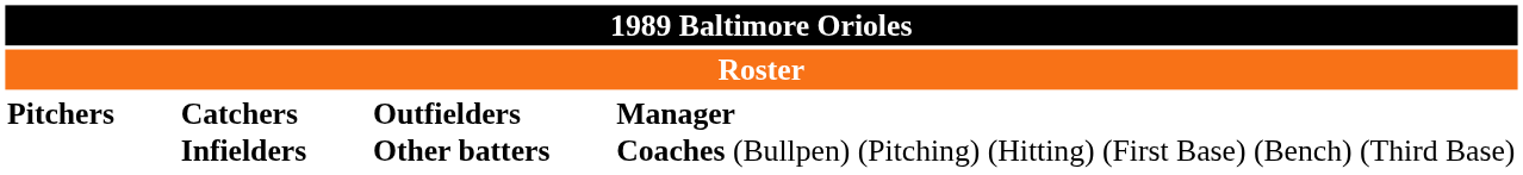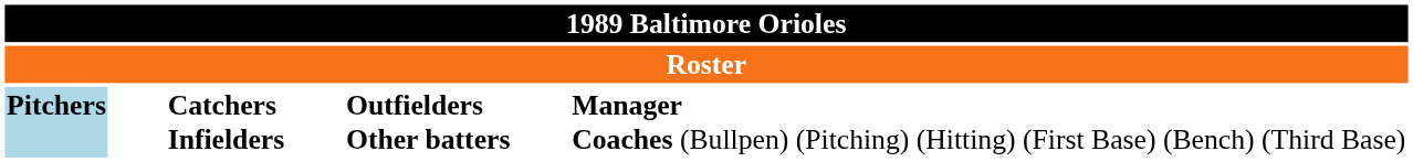 <table class="toccolours" style="font-size: 95%;">
 <tr>
 <th colspan="10" style="background-color: black; color: white; text-align: center;">1989 Baltimore Orioles</th>
 </tr>
 <tr>
 <td colspan="10" style="background-color: #F87217; color: white; text-align: center;"><strong>Roster</strong></td>
 </tr>
 <tr>
-<td valign="top"><strong>Pitchers</strong><br>                </td>
+<td valign="top" style="background: lightblue;"><strong>Pitchers</strong><br>                </td>
 <td width="25px"></td>
 <td valign="top"><strong>Catchers</strong><br>    <strong>Infielders</strong>          </td>
 <td width="25px"></td>
 <td valign="top"><strong>Outfielders</strong><br>       <strong>Other batters</strong>  </td>
 <td width="25px"></td>
 <td valign="top"><strong>Manager</strong><br> <strong>Coaches</strong>  (Bullpen)  (Pitching)  (Hitting)  (First Base)  (Bench)  (Third Base)</td>
 </tr>
 <tr>
 </tr>
 </table>
